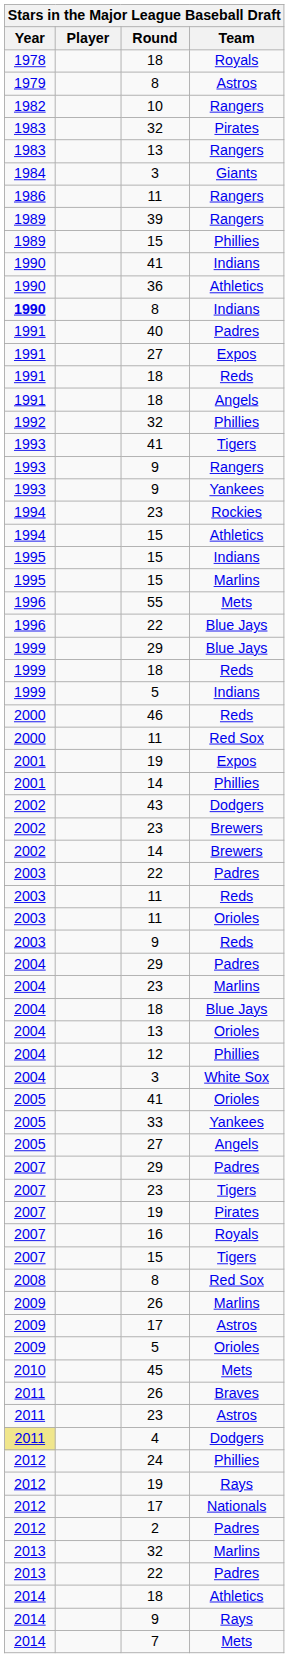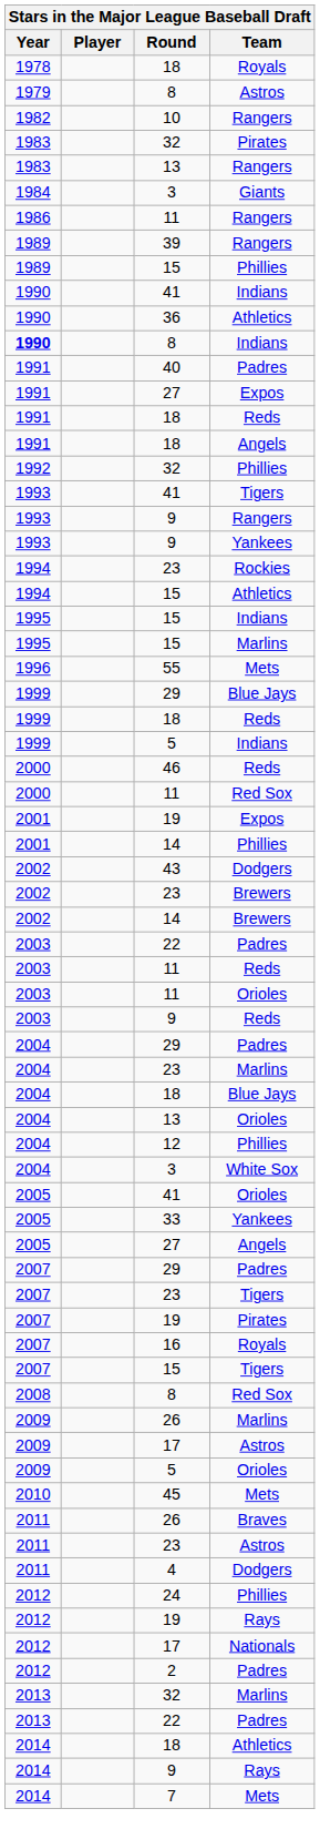 <table class="wikitable sortable collapsible collapsed" style="text-align:center">
 <tr>
 <th colspan=4>Stars in the Major League Baseball Draft</th>
 </tr>
 <tr>
 <th>Year</th>
 <th>Player</th>
 <th>Round</th>
 <th>Team</th>
 </tr>
 <tr>
 <td><a href='#'>1978</a></td>
 <td></td>
 <td>18</td>
 <td><a href='#'>Royals</a></td>
 </tr>
 <tr>
 <td><a href='#'>1979</a></td>
 <td></td>
 <td>8</td>
 <td><a href='#'>Astros</a></td>
 </tr>
 <tr>
 <td><a href='#'>1982</a></td>
 <td></td>
 <td>10</td>
 <td><a href='#'>Rangers</a></td>
 </tr>
 <tr>
 <td><a href='#'>1983</a></td>
 <td></td>
 <td>32</td>
 <td><a href='#'>Pirates</a></td>
 </tr>
 <tr>
 <td><a href='#'>1983</a></td>
 <td></td>
 <td>13</td>
 <td><a href='#'>Rangers</a></td>
 </tr>
 <tr>
 <td><a href='#'>1984</a></td>
 <td></td>
 <td>3</td>
 <td><a href='#'>Giants</a></td>
 </tr>
 <tr>
 <td><a href='#'>1986</a></td>
 <td></td>
 <td>11</td>
 <td><a href='#'>Rangers</a></td>
 </tr>
 <tr>
 <td><a href='#'>1989</a></td>
 <td></td>
 <td>39</td>
 <td><a href='#'>Rangers</a></td>
 </tr>
 <tr>
 <td><a href='#'>1989</a></td>
 <td></td>
 <td>15</td>
 <td><a href='#'>Phillies</a></td>
 </tr>
 <tr>
 <td><a href='#'>1990</a></td>
 <td></td>
 <td>41</td>
 <td><a href='#'>Indians</a></td>
 </tr>
 <tr>
 <td><a href='#'>1990</a></td>
 <td></td>
 <td>36</td>
 <td><a href='#'>Athletics</a></td>
 </tr>
 <tr>
 <td><strong><a href='#'>1990</a></strong></td>
 <td></td>
 <td>8</td>
 <td><a href='#'>Indians</a></td>
 </tr>
 <tr>
 <td><a href='#'>1991</a></td>
 <td></td>
 <td>40</td>
 <td><a href='#'>Padres</a></td>
 </tr>
 <tr>
 <td><a href='#'>1991</a></td>
 <td></td>
 <td>27</td>
 <td><a href='#'>Expos</a></td>
 </tr>
 <tr>
 <td><a href='#'>1991</a></td>
 <td></td>
 <td>18</td>
 <td><a href='#'>Reds</a></td>
 </tr>
 <tr>
 <td><a href='#'>1991</a></td>
 <td></td>
 <td>18</td>
 <td><a href='#'>Angels</a></td>
 </tr>
 <tr>
 <td><a href='#'>1992</a></td>
 <td></td>
 <td>32</td>
 <td><a href='#'>Phillies</a></td>
 </tr>
 <tr>
 <td><a href='#'>1993</a></td>
 <td></td>
 <td>41</td>
 <td><a href='#'>Tigers</a></td>
 </tr>
 <tr>
 <td><a href='#'>1993</a></td>
 <td></td>
 <td>9</td>
 <td><a href='#'>Rangers</a></td>
 </tr>
 <tr>
 <td><a href='#'>1993</a></td>
 <td></td>
 <td>9</td>
 <td><a href='#'>Yankees</a></td>
 </tr>
 <tr>
 <td><a href='#'>1994</a></td>
 <td></td>
 <td>23</td>
 <td><a href='#'>Rockies</a></td>
 </tr>
 <tr>
 <td><a href='#'>1994</a></td>
 <td></td>
 <td>15</td>
 <td><a href='#'>Athletics</a></td>
 </tr>
 <tr>
 <td><a href='#'>1995</a></td>
 <td></td>
 <td>15</td>
 <td><a href='#'>Indians</a></td>
 </tr>
 <tr>
 <td><a href='#'>1995</a></td>
 <td></td>
 <td>15</td>
 <td><a href='#'>Marlins</a></td>
 </tr>
 <tr>
 <td><a href='#'>1996</a></td>
 <td></td>
 <td>55</td>
 <td><a href='#'>Mets</a></td>
-</tr>
-<tr>
-<td><a href='#'>1996</a></td>
-<td></td>
-<td>22</td>
-<td><a href='#'>Blue Jays</a></td>
 </tr>
 <tr>
 <td><a href='#'>1999</a></td>
 <td></td>
 <td>29</td>
 <td><a href='#'>Blue Jays</a></td>
 </tr>
 <tr>
 <td><a href='#'>1999</a></td>
 <td></td>
 <td>18</td>
 <td><a href='#'>Reds</a></td>
 </tr>
 <tr>
 <td><a href='#'>1999</a></td>
 <td></td>
 <td>5</td>
 <td><a href='#'>Indians</a></td>
 </tr>
 <tr>
 <td><a href='#'>2000</a></td>
 <td></td>
 <td>46</td>
 <td><a href='#'>Reds</a></td>
 </tr>
 <tr>
 <td><a href='#'>2000</a></td>
 <td></td>
 <td>11</td>
 <td><a href='#'>Red Sox</a></td>
 </tr>
 <tr>
 <td><a href='#'>2001</a></td>
 <td></td>
 <td>19</td>
 <td><a href='#'>Expos</a></td>
 </tr>
 <tr>
 <td><a href='#'>2001</a></td>
 <td></td>
 <td>14</td>
 <td><a href='#'>Phillies</a></td>
 </tr>
 <tr>
 <td><a href='#'>2002</a></td>
 <td></td>
 <td>43</td>
 <td><a href='#'>Dodgers</a></td>
 </tr>
 <tr>
 <td><a href='#'>2002</a></td>
 <td></td>
 <td>23</td>
 <td><a href='#'>Brewers</a></td>
 </tr>
 <tr>
 <td><a href='#'>2002</a></td>
 <td></td>
 <td>14</td>
 <td><a href='#'>Brewers</a></td>
 </tr>
 <tr>
 <td><a href='#'>2003</a></td>
 <td></td>
 <td>22</td>
 <td><a href='#'>Padres</a></td>
 </tr>
 <tr>
 <td><a href='#'>2003</a></td>
 <td></td>
 <td>11</td>
 <td><a href='#'>Reds</a></td>
 </tr>
 <tr>
 <td><a href='#'>2003</a></td>
 <td></td>
 <td>11</td>
 <td><a href='#'>Orioles</a></td>
 </tr>
 <tr>
 <td><a href='#'>2003</a></td>
 <td></td>
 <td>9</td>
 <td><a href='#'>Reds</a></td>
 </tr>
 <tr>
 <td><a href='#'>2004</a></td>
 <td></td>
 <td>29</td>
 <td><a href='#'>Padres</a></td>
 </tr>
 <tr>
 <td><a href='#'>2004</a></td>
 <td></td>
 <td>23</td>
 <td><a href='#'>Marlins</a></td>
 </tr>
 <tr>
 <td><a href='#'>2004</a></td>
 <td></td>
 <td>18</td>
 <td><a href='#'>Blue Jays</a></td>
 </tr>
 <tr>
 <td><a href='#'>2004</a></td>
 <td></td>
 <td>13</td>
 <td><a href='#'>Orioles</a></td>
 </tr>
 <tr>
 <td><a href='#'>2004</a></td>
 <td></td>
 <td>12</td>
 <td><a href='#'>Phillies</a></td>
 </tr>
 <tr>
 <td><a href='#'>2004</a></td>
 <td></td>
 <td>3</td>
 <td><a href='#'>White Sox</a></td>
 </tr>
 <tr>
 <td><a href='#'>2005</a></td>
 <td></td>
 <td>41</td>
 <td><a href='#'>Orioles</a></td>
 </tr>
 <tr>
 <td><a href='#'>2005</a></td>
 <td></td>
 <td>33</td>
 <td><a href='#'>Yankees</a></td>
 </tr>
 <tr>
 <td><a href='#'>2005</a></td>
 <td></td>
 <td>27</td>
 <td><a href='#'>Angels</a></td>
 </tr>
 <tr>
 <td><a href='#'>2007</a></td>
 <td></td>
 <td>29</td>
 <td><a href='#'>Padres</a></td>
 </tr>
 <tr>
 <td><a href='#'>2007</a></td>
 <td></td>
 <td>23</td>
 <td><a href='#'>Tigers</a></td>
 </tr>
 <tr>
 <td><a href='#'>2007</a></td>
 <td></td>
 <td>19</td>
 <td><a href='#'>Pirates</a></td>
 </tr>
 <tr>
 <td><a href='#'>2007</a></td>
 <td></td>
 <td>16</td>
 <td><a href='#'>Royals</a></td>
 </tr>
 <tr>
 <td><a href='#'>2007</a></td>
 <td></td>
 <td>15</td>
 <td><a href='#'>Tigers</a></td>
 </tr>
 <tr>
 <td><a href='#'>2008</a></td>
 <td></td>
 <td>8</td>
 <td><a href='#'>Red Sox</a></td>
 </tr>
 <tr>
 <td><a href='#'>2009</a></td>
 <td></td>
 <td>26</td>
 <td><a href='#'>Marlins</a></td>
 </tr>
 <tr>
 <td><a href='#'>2009</a></td>
 <td></td>
 <td>17</td>
 <td><a href='#'>Astros</a></td>
 </tr>
 <tr>
 <td><a href='#'>2009</a></td>
 <td></td>
 <td>5</td>
 <td><a href='#'>Orioles</a></td>
 </tr>
 <tr>
 <td><a href='#'>2010</a></td>
 <td></td>
 <td>45</td>
 <td><a href='#'>Mets</a></td>
 </tr>
 <tr>
 <td><a href='#'>2011</a></td>
 <td></td>
 <td>26</td>
 <td><a href='#'>Braves</a></td>
 </tr>
 <tr>
 <td><a href='#'>2011</a></td>
 <td></td>
 <td>23</td>
 <td><a href='#'>Astros</a></td>
 </tr>
 <tr>
-<td style="background: khaki;"><a href='#'>2011</a></td>
+<td><a href='#'>2011</a></td>
 <td></td>
 <td>4</td>
 <td><a href='#'>Dodgers</a></td>
 </tr>
 <tr>
 <td><a href='#'>2012</a></td>
 <td></td>
 <td>24</td>
 <td><a href='#'>Phillies</a></td>
 </tr>
 <tr>
 <td><a href='#'>2012</a></td>
 <td></td>
 <td>19</td>
 <td><a href='#'>Rays</a></td>
 </tr>
 <tr>
 <td><a href='#'>2012</a></td>
 <td></td>
 <td>17</td>
 <td><a href='#'>Nationals</a></td>
 </tr>
 <tr>
 <td><a href='#'>2012</a></td>
 <td></td>
 <td>2</td>
 <td><a href='#'>Padres</a></td>
 </tr>
 <tr>
 <td><a href='#'>2013</a></td>
 <td></td>
 <td>32</td>
 <td><a href='#'>Marlins</a></td>
 </tr>
 <tr>
 <td><a href='#'>2013</a></td>
 <td></td>
 <td>22</td>
 <td><a href='#'>Padres</a></td>
 </tr>
 <tr>
 <td><a href='#'>2014</a></td>
 <td></td>
 <td>18</td>
 <td><a href='#'>Athletics</a></td>
 </tr>
 <tr>
 <td><a href='#'>2014</a></td>
 <td></td>
 <td>9</td>
 <td><a href='#'>Rays</a></td>
 </tr>
 <tr>
 <td><a href='#'>2014</a></td>
 <td></td>
 <td>7</td>
 <td><a href='#'>Mets</a></td>
 </tr>
 </table>
